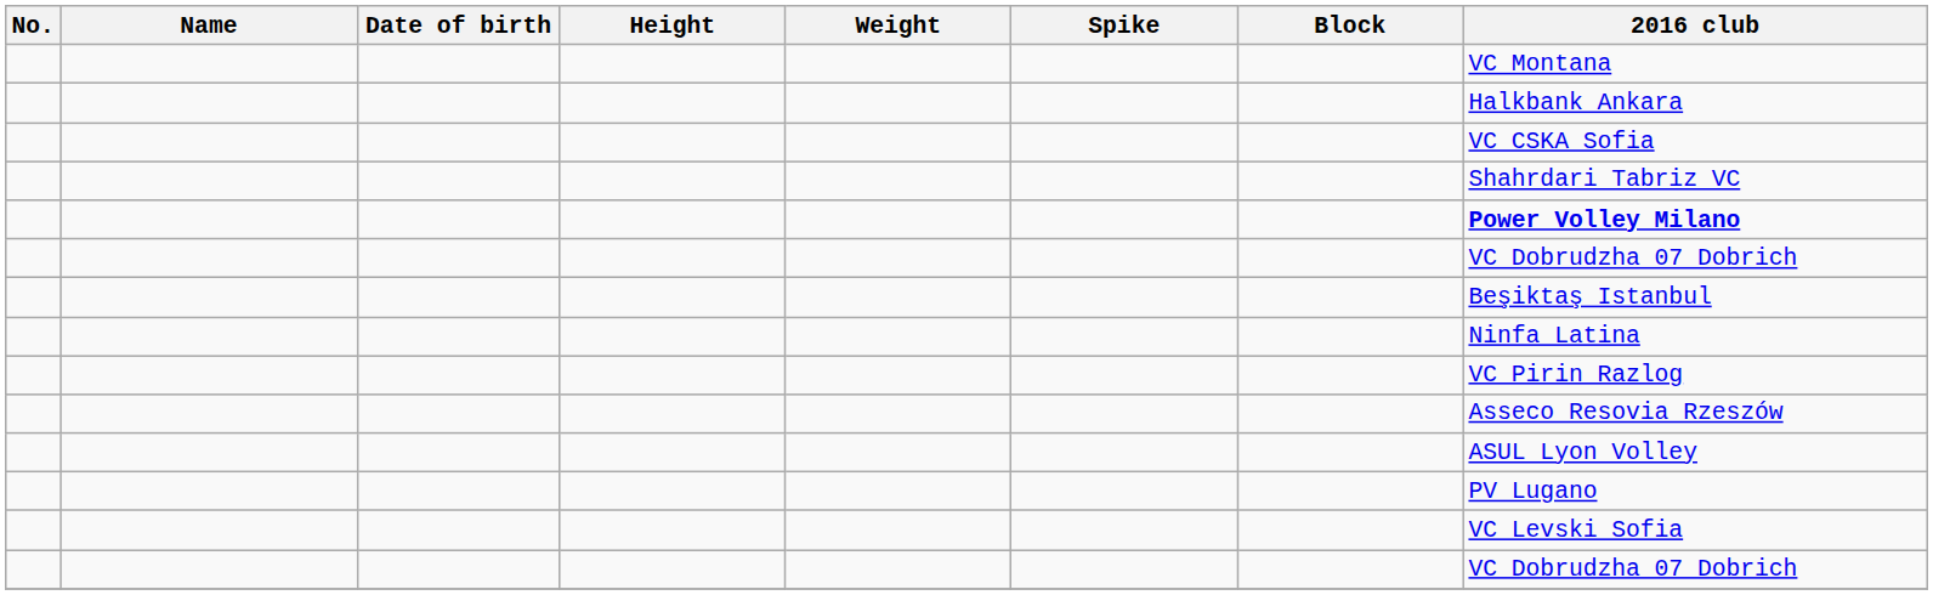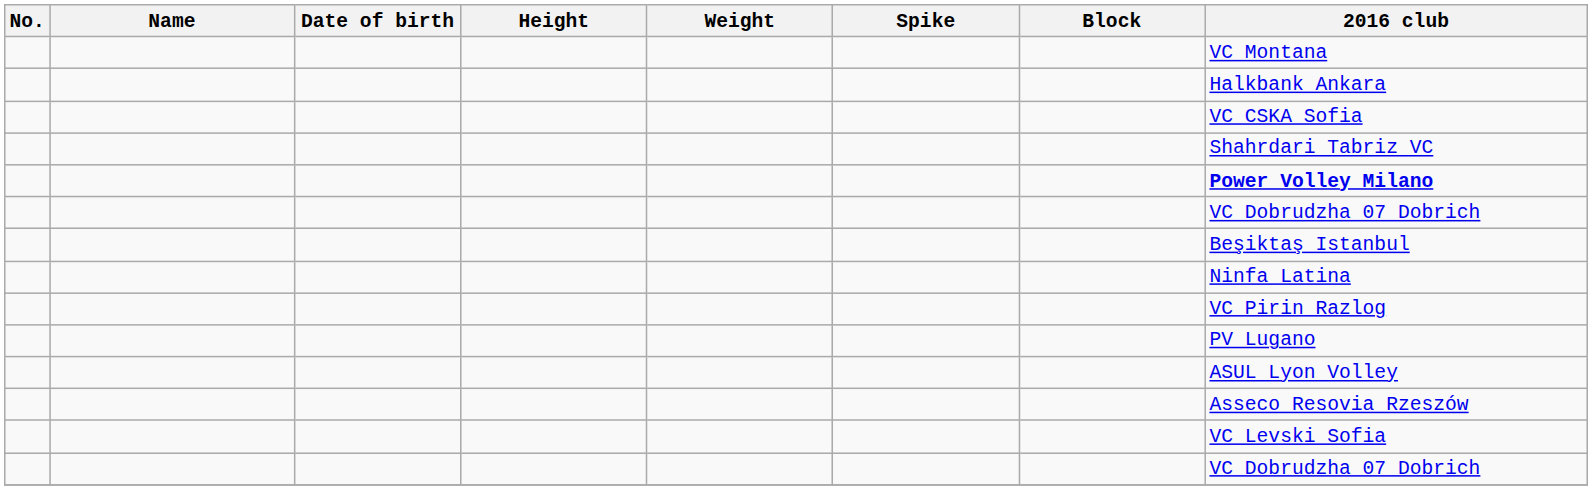 <table class="wikitable sortable" style="font-size:100%; text-align:center;">
 <tr>
 <th>No.</th>
 <th style="width:12em">Name</th>
 <th style="width:8em">Date of birth</th>
 <th style="width:9em">Height</th>
 <th style="width:9em">Weight</th>
 <th style="width:9em">Spike</th>
 <th style="width:9em">Block</th>
 <th style="width:19em">2016 club</th>
 </tr>
 <tr>
 <td></td>
 <td align=left></td>
 <td align=right></td>
 <td></td>
 <td></td>
 <td></td>
 <td></td>
 <td align=left> <a href='#'>VC Montana</a></td>
 </tr>
 <tr>
 <td></td>
 <td align=left></td>
 <td align=right></td>
 <td></td>
 <td></td>
 <td></td>
 <td></td>
 <td align=left> <a href='#'>Halkbank Ankara</a></td>
 </tr>
 <tr>
 <td></td>
 <td align=left></td>
 <td align=right></td>
 <td></td>
 <td></td>
 <td></td>
 <td></td>
 <td align=left> <a href='#'>VC CSKA Sofia</a></td>
 </tr>
 <tr>
 <td></td>
 <td align=left></td>
 <td align=right></td>
 <td></td>
 <td></td>
 <td></td>
 <td></td>
 <td align=left> <a href='#'>Shahrdari Tabriz VC</a></td>
 </tr>
 <tr>
 <td></td>
 <td align=left></td>
 <td align=right></td>
 <td></td>
 <td></td>
 <td></td>
 <td></td>
 <td align=left><strong> <a href='#'>Power Volley Milano</a></strong></td>
 </tr>
 <tr>
 <td></td>
 <td align=left></td>
 <td align=right></td>
 <td></td>
 <td></td>
 <td></td>
 <td></td>
 <td align=left> <a href='#'>VC Dobrudzha 07 Dobrich</a></td>
 </tr>
 <tr>
 <td></td>
 <td align=left></td>
 <td align=right></td>
 <td></td>
 <td></td>
 <td></td>
 <td></td>
 <td align=left> <a href='#'>Beşiktaş Istanbul</a></td>
 </tr>
 <tr>
 <td></td>
 <td align=left></td>
 <td align=right></td>
 <td></td>
 <td></td>
 <td></td>
 <td></td>
 <td align=left> <a href='#'>Ninfa Latina</a></td>
 </tr>
 <tr>
 <td></td>
 <td align=left></td>
 <td align=right></td>
 <td></td>
 <td></td>
 <td></td>
 <td></td>
 <td align=left> <a href='#'>VC Pirin Razlog</a></td>
 </tr>
 <tr>
 <td></td>
 <td align=left></td>
 <td align=right></td>
 <td></td>
 <td></td>
 <td></td>
 <td></td>
-<td align=left> <a href='#'>Asseco Resovia Rzeszów</a></td>
+<td align=left> <a href='#'>PV Lugano</a></td>
 </tr>
 <tr>
 <td></td>
 <td align=left></td>
 <td align=right></td>
 <td></td>
 <td></td>
 <td></td>
 <td></td>
 <td align=left> <a href='#'>ASUL Lyon Volley</a></td>
 </tr>
 <tr>
 <td></td>
 <td align=left></td>
 <td align=right></td>
 <td></td>
 <td></td>
 <td></td>
 <td></td>
-<td align=left> <a href='#'>PV Lugano</a></td>
+<td align=left> <a href='#'>Asseco Resovia Rzeszów</a></td>
 </tr>
 <tr>
 <td></td>
 <td align=left></td>
 <td align=right></td>
 <td></td>
 <td></td>
 <td></td>
 <td></td>
 <td align=left> <a href='#'>VC Levski Sofia</a></td>
 </tr>
 <tr>
 <td></td>
 <td align=left></td>
 <td align=right></td>
 <td></td>
 <td></td>
 <td></td>
 <td></td>
 <td align=left> <a href='#'>VC Dobrudzha 07 Dobrich</a></td>
 </tr>
 <tr>
 </tr>
 </table>
